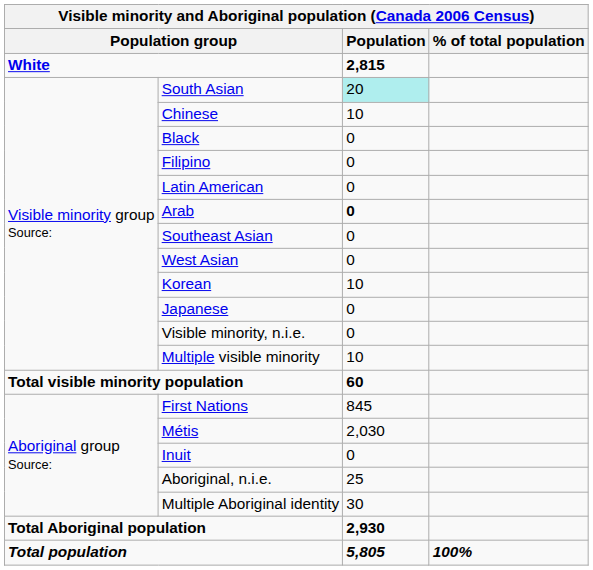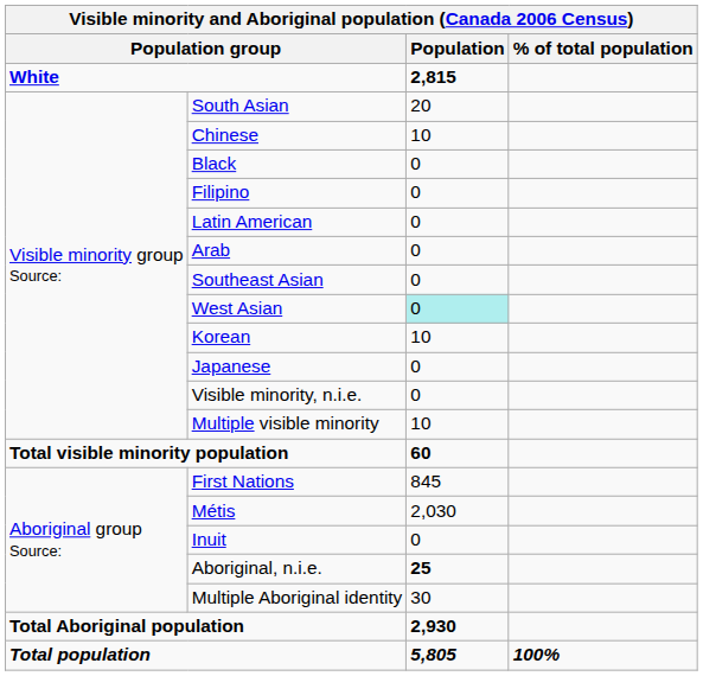 <table class="wikitable">
 <tr>
 <th colspan=4>Visible minority and Aboriginal population (<a href='#'>Canada 2006 Census</a>)</th>
 </tr>
 <tr>
 <th colspan=2>Population group</th>
 <th>Population</th>
 <th>% of total population</th>
 </tr>
 <tr>
 <td colspan=2><strong><a href='#'>White</a></strong></td>
 <td><strong>2,815</strong></td>
 <td><strong></strong></td>
 </tr>
 <tr>
 <td rowspan=12><a href='#'>Visible minority</a> group<br><small>Source:</small></td>
 <td><a href='#'>South Asian</a></td>
-<td style="background: paleturquoise;">20</td>
+<td>20</td>
 <td></td>
 </tr>
 <tr>
 <td><a href='#'>Chinese</a></td>
 <td>10</td>
 <td></td>
 </tr>
 <tr>
 <td><a href='#'>Black</a></td>
 <td>0</td>
 <td></td>
 </tr>
 <tr>
 <td><a href='#'>Filipino</a></td>
 <td>0</td>
 <td></td>
 </tr>
 <tr>
 <td><a href='#'>Latin American</a></td>
 <td>0</td>
 <td></td>
 </tr>
 <tr>
 <td><a href='#'>Arab</a></td>
-<td><strong>0</strong></td>
+<td>0</td>
 <td></td>
 </tr>
 <tr>
 <td><a href='#'>Southeast Asian</a></td>
 <td>0</td>
 <td></td>
 </tr>
 <tr>
 <td><a href='#'>West Asian</a></td>
-<td>0</td>
+<td style="background: paleturquoise;">0</td>
 <td></td>
 </tr>
 <tr>
 <td><a href='#'>Korean</a></td>
 <td>10</td>
 <td></td>
 </tr>
 <tr>
 <td><a href='#'>Japanese</a></td>
 <td>0</td>
 <td></td>
 </tr>
 <tr>
 <td>Visible minority, n.i.e.</td>
 <td>0</td>
 <td></td>
 </tr>
 <tr>
 <td><a href='#'>Multiple</a> visible minority</td>
 <td>10</td>
 <td></td>
 </tr>
 <tr>
 <td colspan=2><strong>Total visible minority population</strong></td>
 <td><strong>60</strong></td>
 <td><strong></strong></td>
 </tr>
 <tr>
 <td rowspan=5><a href='#'>Aboriginal</a> group<br><small>Source:</small></td>
 <td><a href='#'>First Nations</a></td>
 <td>845</td>
 <td></td>
 </tr>
 <tr>
 <td><a href='#'>Métis</a></td>
 <td>2,030</td>
 <td></td>
 </tr>
 <tr>
 <td><a href='#'>Inuit</a></td>
 <td>0</td>
 <td></td>
 </tr>
 <tr>
 <td>Aboriginal, n.i.e.</td>
-<td>25</td>
+<td><strong>25</strong></td>
 <td></td>
 </tr>
 <tr>
 <td>Multiple Aboriginal identity</td>
 <td>30</td>
 <td></td>
 </tr>
 <tr>
 <td colspan=2><strong>Total Aboriginal population</strong></td>
 <td><strong>2,930</strong></td>
 <td><strong></strong></td>
 </tr>
 <tr>
 <td colspan=2><strong><em>Total population</em></strong></td>
 <td><strong><em>5,805</em></strong></td>
 <td><strong><em>100%</em></strong></td>
 </tr>
 </table>
